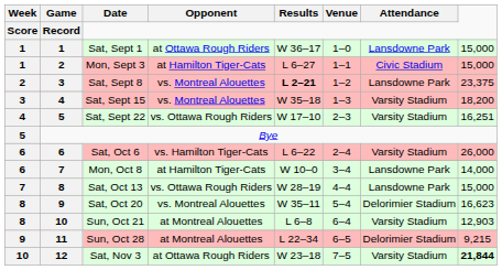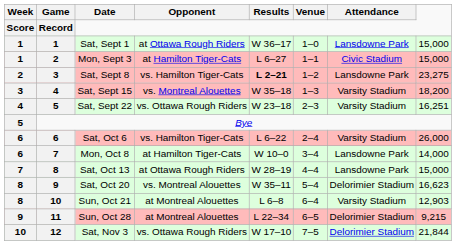 <table class="wikitable" style="text-align:center">
 <tr>
 <th>Week</th>
 <th>Game</th>
 <th>Date</th>
 <th>Opponent</th>
 <th>Results</th>
 <th>Venue</th>
 <th>Attendance</th>
 </tr>
 <tr>
 <th>Score</th>
 <th>Record</th>
 </tr>
 <tr style="background:#ddffdd">
 <th>1</th>
 <th>1</th>
 <td>Sat, Sept 1</td>
 <td>at <a href='#'>Ottawa Rough Riders</a></td>
 <td>W 36–17</td>
 <td>1–0</td>
 <td><a href='#'>Lansdowne Park</a></td>
 <td>15,000</td>
 </tr>
 <tr style="background:#ffbbbb">
 <th>1</th>
 <th>2</th>
 <td>Mon, Sept 3</td>
 <td>at <a href='#'>Hamilton Tiger-Cats</a></td>
 <td>L 6–27</td>
 <td>1–1</td>
 <td><a href='#'>Civic Stadium</a></td>
 <td>15,000</td>
 </tr>
 <tr style="background:#ffbbbb">
 <th>2</th>
 <th>3</th>
 <td>Sat, Sept 8</td>
-<td>vs. <a href='#'>Montreal Alouettes</a></td>
+<td>vs. Hamilton Tiger-Cats</td>
 <td><strong>L 2–21</strong></td>
 <td>1–2</td>
 <td>Lansdowne Park</td>
-<td>23,375</td>
+<td>23,275</td>
 </tr>
 <tr style="background:#ffbbbb">
 <th>3</th>
 <th>4</th>
 <td>Sat, Sept 15</td>
 <td>vs. <a href='#'>Montreal Alouettes</a></td>
 <td>W 35–18</td>
 <td>1–3</td>
 <td>Varsity Stadium</td>
 <td>18,200</td>
 </tr>
 <tr style="background:#ddffdd">
 <th>4</th>
 <th>5</th>
 <td>Sat, Sept 22</td>
 <td>vs. Ottawa Rough Riders</td>
-<td>W 17–10</td>
+<td>W 23–18</td>
 <td>2–3</td>
 <td>Varsity Stadium</td>
 <td>16,251</td>
 </tr>
 <tr>
 <th>5</th>
 <td colspan=7><em><a href='#'>Bye</a></em></td>
 </tr>
 <tr style="background:#ffbbbb">
 <th>6</th>
 <th>6</th>
 <td>Sat, Oct 6</td>
 <td>vs. Hamilton Tiger-Cats</td>
 <td>L 6–22</td>
 <td>2–4</td>
 <td>Varsity Stadium</td>
 <td>26,000</td>
 </tr>
 <tr style="background:#ddffdd">
 <th>6</th>
 <th>7</th>
 <td>Mon, Oct 8</td>
 <td>at Hamilton Tiger-Cats</td>
 <td>W 10–0</td>
 <td>3–4</td>
 <td>Lansdowne Park</td>
 <td>14,000</td>
 </tr>
 <tr style="background:#ddffdd">
 <th>7</th>
 <th>8</th>
 <td>Sat, Oct 13</td>
-<td>vs. Ottawa Rough Riders</td>
+<td>at Ottawa Rough Riders</td>
 <td>W 28–19</td>
 <td>4–4</td>
 <td>Lansdowne Park</td>
 <td>15,000</td>
 </tr>
 <tr style="background:#ddffdd">
 <th>8</th>
 <th>9</th>
 <td>Sat, Oct 20</td>
 <td>vs. Montreal Alouettes</td>
 <td>W 35–11</td>
 <td>5–4</td>
 <td>Delorimier Stadium</td>
 <td>16,623</td>
 </tr>
 <tr style="background:#ddffdd">
 <th>8</th>
 <th>10</th>
 <td>Sun, Oct 21</td>
 <td>at Montreal Alouettes</td>
 <td>L 6–8</td>
 <td>6–4</td>
 <td>Varsity Stadium</td>
 <td>12,903</td>
 </tr>
 <tr style="background:#ffbbbb">
 <th>9</th>
 <th>11</th>
 <td>Sun, Oct 28</td>
 <td>at Montreal Alouettes</td>
 <td>L 22–34</td>
 <td>6–5</td>
 <td>Delorimier Stadium</td>
 <td>9,215</td>
 </tr>
 <tr style="background:#ddffdd">
 <th>10</th>
 <th>12</th>
 <td>Sat, Nov 3</td>
-<td>at Ottawa Rough Riders</td>
-<td>W 23–18</td>
+<td>vs. Ottawa Rough Riders</td>
+<td>W 17–10</td>
 <td>7–5</td>
-<td>Varsity Stadium</td>
-<td><strong>21,844</strong></td>
+<td><a href='#'>Delorimier Stadium</a></td>
+<td>21,844</td>
 </tr>
 </table>
